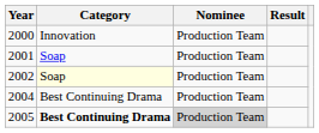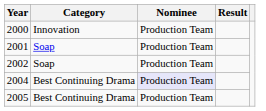 <table class="wikitable">
 <tr>
 <th>Year</th>
 <th>Category</th>
 <th>Nominee</th>
 <th>Result</th>
 <th></th>
 </tr>
 <tr>
 <td>2000</td>
 <td>Innovation</td>
 <td>Production Team</td>
 <td></td>
 <td align="center" rowspan="5"></td>
 </tr>
 <tr>
 <td>2001</td>
 <td><a href='#'>Soap</a></td>
 <td>Production Team</td>
 <td></td>
 </tr>
 <tr>
 <td>2002</td>
-<td style="background: lightyellow;">Soap</td>
+<td>Soap</td>
 <td>Production Team</td>
 <td></td>
 </tr>
 <tr>
 <td>2004</td>
 <td>Best Continuing Drama</td>
-<td>Production Team</td>
+<td style="background: lavender;">Production Team</td>
 <td></td>
 </tr>
 <tr>
 <td>2005</td>
-<td><strong>Best Continuing Drama</strong></td>
-<td style="background: lightgrey;">Production Team</td>
+<td>Best Continuing Drama</td>
+<td>Production Team</td>
 <td></td>
 </tr>
 </table>
